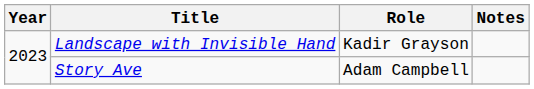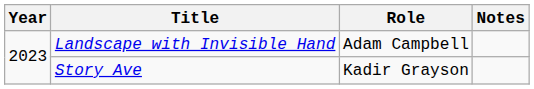 <table class="wikitable sortable">
 <tr>
 <th>Year</th>
 <th>Title</th>
 <th>Role</th>
 <th class="unsortable">Notes</th>
 </tr>
 <tr>
 <td rowspan=2>2023</td>
 <td><em><a href='#'>Landscape with Invisible Hand</a></em></td>
-<td>Kadir Grayson</td>
+<td>Adam Campbell</td>
 <td></td>
 </tr>
 <tr>
 <td><em><a href='#'>Story Ave</a></em></td>
-<td>Adam Campbell</td>
+<td>Kadir Grayson</td>
 <td></td>
 </tr>
 </table>
